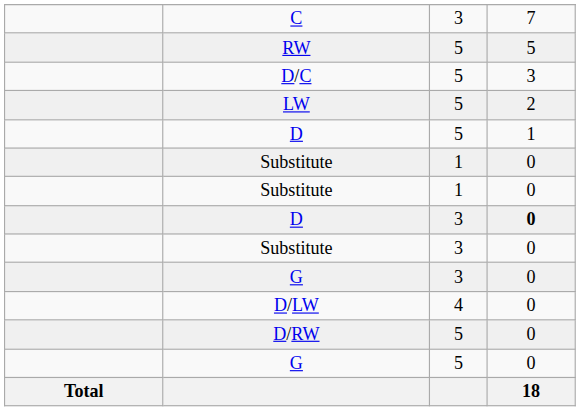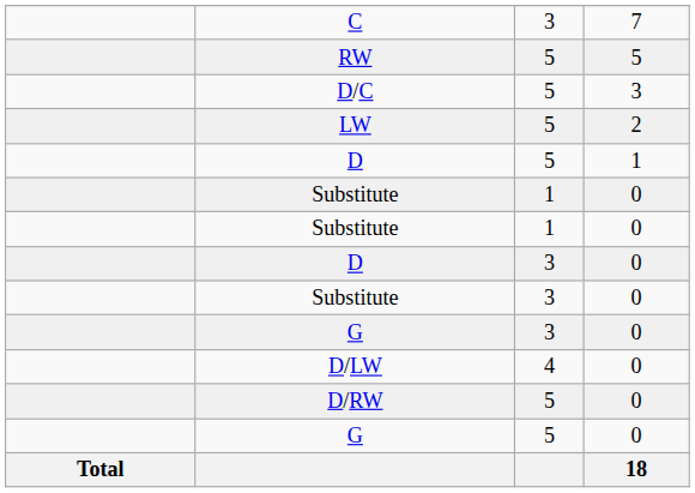 <table class="wikitable sortable" width ="40%">
 <tr align="center">
 </tr>
 <tr align="center">
 <td></td>
 <td><a href='#'>C</a></td>
 <td>3</td>
 <td>7</td>
 </tr>
 <tr align="center" bgcolor="f0f0f0">
 <td></td>
 <td><a href='#'>RW</a></td>
 <td>5</td>
 <td>5</td>
 </tr>
 <tr align="center">
 <td></td>
 <td><a href='#'>D</a>/<a href='#'>C</a></td>
 <td>5</td>
 <td>3</td>
 </tr>
 <tr align="center" bgcolor="f0f0f0">
 <td></td>
 <td><a href='#'>LW</a></td>
 <td>5</td>
 <td>2</td>
 </tr>
 <tr align="center">
 <td></td>
 <td><a href='#'>D</a></td>
 <td>5</td>
 <td>1</td>
 </tr>
 <tr align="center" bgcolor="f0f0f0">
 <td></td>
 <td>Substitute</td>
 <td>1</td>
 <td>0</td>
 </tr>
 <tr align="center">
 <td></td>
 <td>Substitute</td>
 <td>1</td>
 <td>0</td>
 </tr>
 <tr align="center" bgcolor="f0f0f0">
 <td></td>
 <td><a href='#'>D</a></td>
 <td>3</td>
-<td><strong>0</strong></td>
+<td>0</td>
 </tr>
 <tr align="center">
 <td></td>
 <td>Substitute</td>
 <td>3</td>
 <td>0</td>
 </tr>
 <tr align="center" bgcolor="f0f0f0">
 <td></td>
 <td><a href='#'>G</a></td>
 <td>3</td>
 <td>0</td>
 </tr>
 <tr align="center">
 <td></td>
 <td><a href='#'>D</a>/<a href='#'>LW</a></td>
 <td>4</td>
 <td>0</td>
 </tr>
 <tr align="center" bgcolor="f0f0f0">
 <td></td>
 <td><a href='#'>D</a>/<a href='#'>RW</a></td>
 <td>5</td>
 <td>0</td>
 </tr>
 <tr align="center">
 <td></td>
 <td><a href='#'>G</a></td>
 <td>5</td>
 <td>0</td>
 </tr>
 <tr>
 <th>Total</th>
 <th></th>
 <th></th>
 <th>18</th>
 </tr>
 </table>
